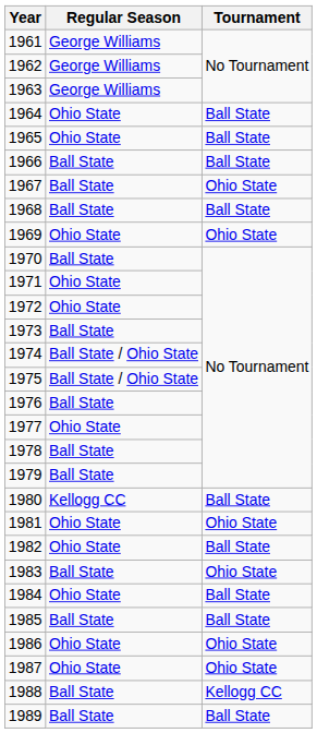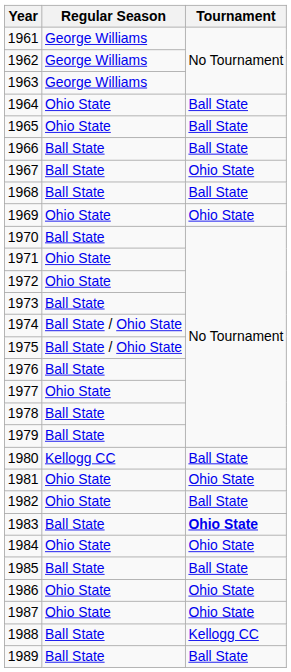 <table class="wikitable" style="display: inline-table;">
 <tr>
 <th>Year</th>
 <th>Regular Season</th>
 <th>Tournament</th>
 </tr>
 <tr>
 <td>1961</td>
 <td><a href='#'>George Williams</a></td>
 <td rowspan="3">No Tournament</td>
 </tr>
 <tr>
 <td>1962</td>
 <td><a href='#'>George Williams</a></td>
 </tr>
 <tr>
 <td>1963</td>
 <td><a href='#'>George Williams</a></td>
 </tr>
 <tr>
 <td>1964</td>
 <td><a href='#'>Ohio State</a></td>
 <td><a href='#'>Ball State</a></td>
 </tr>
 <tr>
 <td>1965</td>
 <td><a href='#'>Ohio State</a></td>
 <td><a href='#'>Ball State</a></td>
 </tr>
 <tr>
 <td>1966</td>
 <td><a href='#'>Ball State</a></td>
 <td><a href='#'>Ball State</a></td>
 </tr>
 <tr>
 <td>1967</td>
 <td><a href='#'>Ball State</a></td>
 <td><a href='#'>Ohio State</a></td>
 </tr>
 <tr>
 <td>1968</td>
 <td><a href='#'>Ball State</a></td>
 <td><a href='#'>Ball State</a></td>
 </tr>
 <tr>
 <td>1969</td>
 <td><a href='#'>Ohio State</a></td>
 <td><a href='#'>Ohio State</a></td>
 </tr>
 <tr>
 <td>1970</td>
 <td><a href='#'>Ball State</a></td>
 <td rowspan="10">No Tournament</td>
 </tr>
 <tr>
 <td>1971</td>
 <td><a href='#'>Ohio State</a></td>
 </tr>
 <tr>
 <td>1972</td>
 <td><a href='#'>Ohio State</a></td>
 </tr>
 <tr>
 <td>1973</td>
 <td><a href='#'>Ball State</a></td>
 </tr>
 <tr>
 <td>1974</td>
 <td><a href='#'>Ball State</a> / <a href='#'>Ohio State</a></td>
 </tr>
 <tr>
 <td>1975</td>
 <td><a href='#'>Ball State</a> / <a href='#'>Ohio State</a></td>
 </tr>
 <tr>
 <td>1976</td>
 <td><a href='#'>Ball State</a></td>
 </tr>
 <tr>
 <td>1977</td>
 <td><a href='#'>Ohio State</a></td>
 </tr>
 <tr>
 <td>1978</td>
 <td><a href='#'>Ball State</a></td>
 </tr>
 <tr>
 <td>1979</td>
 <td><a href='#'>Ball State</a></td>
 </tr>
 <tr>
 <td>1980</td>
 <td><a href='#'>Kellogg CC</a></td>
 <td><a href='#'>Ball State</a></td>
 </tr>
 <tr>
 <td>1981</td>
 <td><a href='#'>Ohio State</a></td>
 <td><a href='#'>Ohio State</a></td>
 </tr>
 <tr>
 <td>1982</td>
 <td><a href='#'>Ohio State</a></td>
 <td><a href='#'>Ball State</a></td>
 </tr>
 <tr>
 <td>1983</td>
 <td><a href='#'>Ball State</a></td>
-<td><a href='#'>Ohio State</a></td>
+<td><strong><a href='#'>Ohio State</a></strong></td>
 </tr>
 <tr>
 <td>1984</td>
 <td><a href='#'>Ohio State</a></td>
-<td><a href='#'>Ball State</a></td>
+<td><a href='#'>Ohio State</a></td>
 </tr>
 <tr>
 <td>1985</td>
 <td><a href='#'>Ball State</a></td>
 <td><a href='#'>Ball State</a></td>
 </tr>
 <tr>
 <td>1986</td>
 <td><a href='#'>Ohio State</a></td>
 <td><a href='#'>Ohio State</a></td>
 </tr>
 <tr>
 <td>1987</td>
 <td><a href='#'>Ohio State</a></td>
 <td><a href='#'>Ohio State</a></td>
 </tr>
 <tr>
 <td>1988</td>
 <td><a href='#'>Ball State</a></td>
 <td><a href='#'>Kellogg CC</a></td>
 </tr>
 <tr>
 <td>1989</td>
 <td><a href='#'>Ball State</a></td>
 <td><a href='#'>Ball State</a></td>
 </tr>
 </table>
